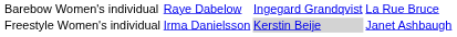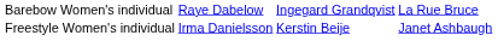 <table>
 <tr>
 <td>Barebow Women's individual<br></td>
 <td> <a href='#'>Raye Dabelow</a></td>
 <td> <a href='#'>Ingegard Grandqvist</a></td>
 <td> <a href='#'>La Rue Bruce</a></td>
 </tr>
 <tr>
 <td>Freestyle Women's individual<br></td>
 <td> <a href='#'>Irma Danielsson</a></td>
-<td style="background: lightgrey;"> <a href='#'>Kerstin Beije</a></td>
+<td> <a href='#'>Kerstin Beije</a></td>
 <td> <a href='#'>Janet Ashbaugh</a></td>
 </tr>
 </table>
